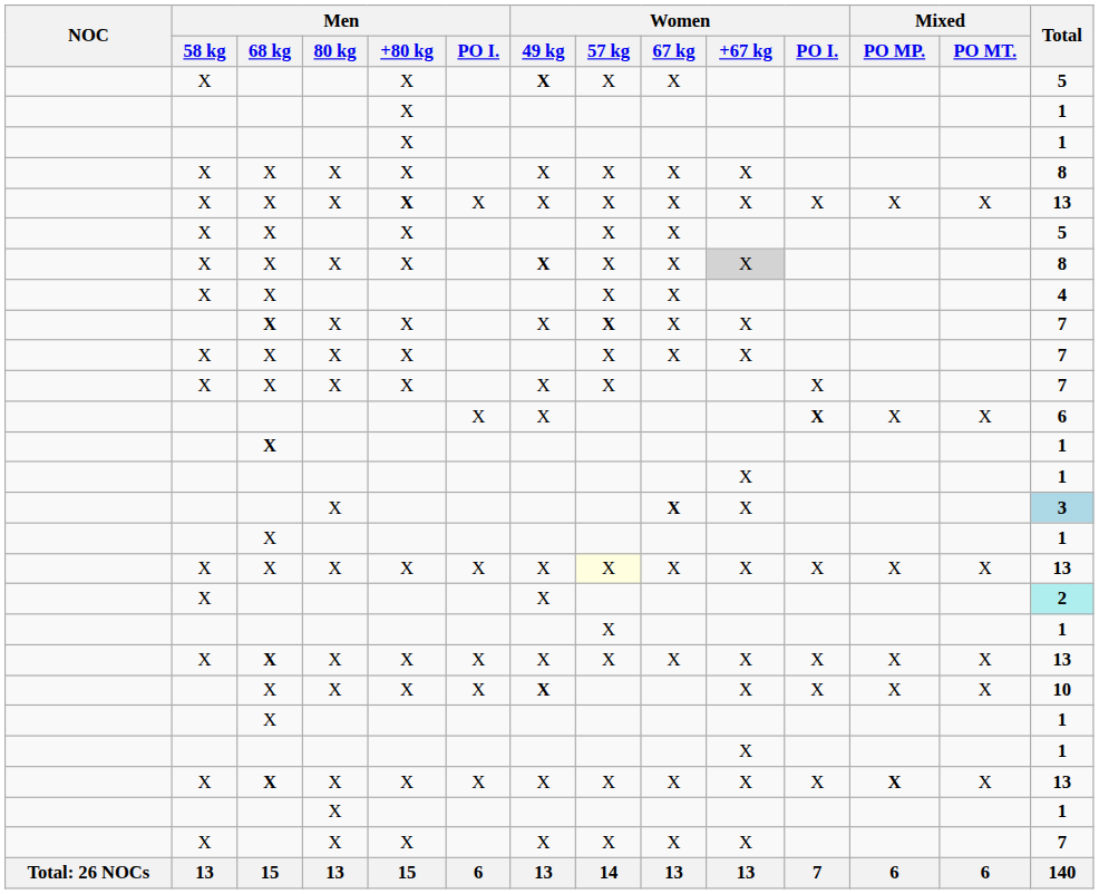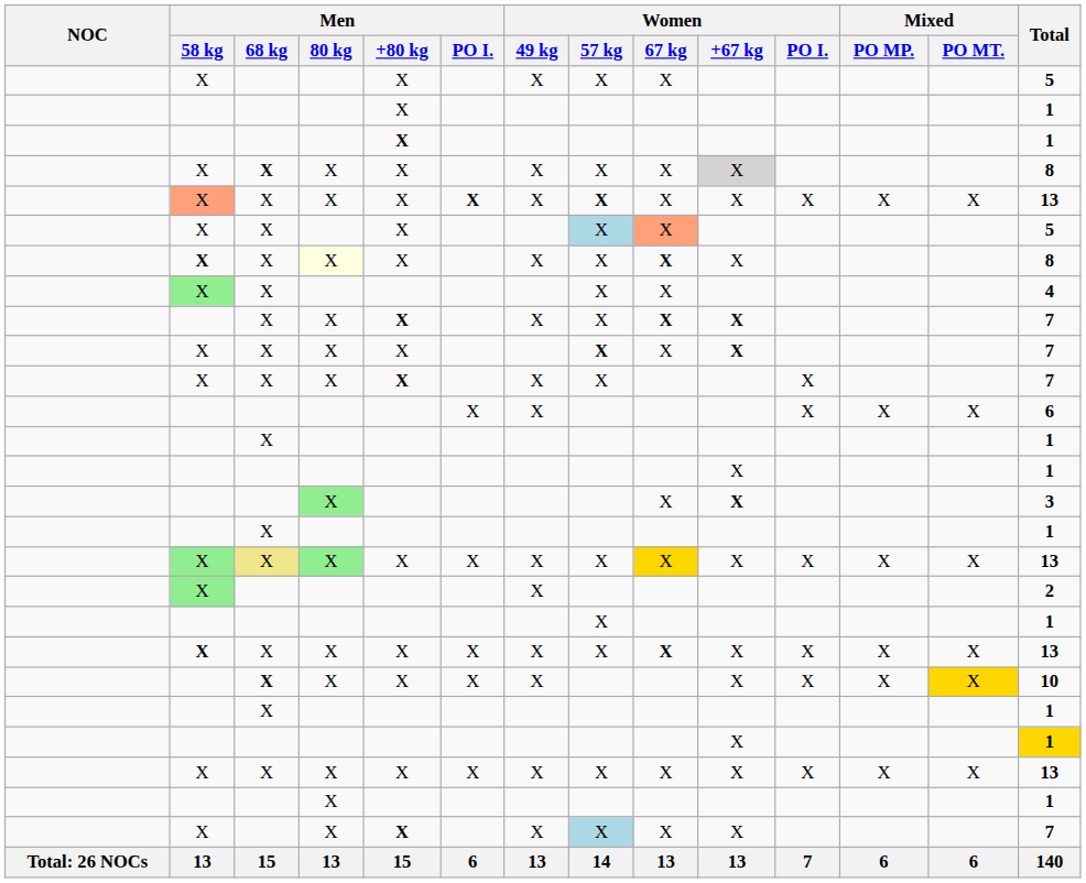 <table class="wikitable" width=850 style="text-align:center; font-size:90%">
 <tr>
 <th rowspan="2" align="left">NOC</th>
 <th colspan="5">Men</th>
 <th colspan="5">Women</th>
 <th colspan="2">Mixed</th>
 <th rowspan="2">Total</th>
 </tr>
 <tr>
 <th><a href='#'>58 kg</a></th>
 <th><a href='#'>68 kg</a></th>
 <th><a href='#'>80 kg</a></th>
 <th><a href='#'>+80 kg</a></th>
 <th><a href='#'>PO I.</a></th>
 <th><a href='#'>49 kg</a></th>
 <th><a href='#'>57 kg</a></th>
 <th><a href='#'>67 kg</a></th>
 <th><a href='#'>+67 kg</a></th>
 <th><a href='#'>PO I.</a></th>
 <th><a href='#'>PO MP.</a></th>
 <th><a href='#'>PO MT.</a></th>
 </tr>
 <tr>
 <td align="left"></td>
 <td>X</td>
 <td></td>
 <td></td>
 <td>X</td>
 <td></td>
-<td><strong>X</strong></td>
+<td>X</td>
 <td>X</td>
 <td>X</td>
 <td></td>
 <td></td>
 <td></td>
 <td></td>
 <td><strong>5</strong></td>
 </tr>
 <tr>
 <td align="left"></td>
 <td></td>
 <td></td>
 <td></td>
 <td>X</td>
 <td></td>
 <td></td>
 <td></td>
 <td></td>
 <td></td>
 <td></td>
 <td></td>
 <td></td>
 <td><strong>1</strong></td>
 </tr>
 <tr>
 <td align="left"></td>
 <td></td>
 <td></td>
 <td></td>
-<td>X</td>
+<td><strong>X</strong></td>
 <td></td>
 <td></td>
 <td></td>
 <td></td>
 <td></td>
 <td></td>
 <td></td>
 <td></td>
 <td><strong>1</strong></td>
 </tr>
 <tr>
 <td align="left"></td>
 <td>X</td>
-<td>X</td>
+<td><strong>X</strong></td>
 <td>X</td>
 <td>X</td>
 <td></td>
 <td>X</td>
 <td>X</td>
 <td>X</td>
-<td>X</td>
+<td style="background: lightgrey;">X</td>
 <td></td>
 <td></td>
 <td></td>
 <td><strong>8</strong></td>
 </tr>
 <tr>
 <td align="left"></td>
+<td style="background: lightsalmon;">X</td>
 <td>X</td>
 <td>X</td>
 <td>X</td>
 <td><strong>X</strong></td>
 <td>X</td>
-<td>X</td>
-<td>X</td>
+<td><strong>X</strong></td>
 <td>X</td>
 <td>X</td>
 <td>X</td>
 <td>X</td>
 <td>X</td>
 <td><strong>13</strong></td>
 </tr>
 <tr>
 <td align="left"></td>
 <td>X</td>
 <td>X</td>
 <td></td>
 <td>X</td>
 <td></td>
 <td></td>
-<td>X</td>
-<td>X</td>
+<td style="background: lightblue;">X</td>
+<td style="background: lightsalmon;">X</td>
 <td></td>
 <td></td>
 <td></td>
 <td></td>
 <td><strong>5</strong></td>
 </tr>
 <tr>
 <td align="left"></td>
+<td><strong>X</strong></td>
+<td>X</td>
+<td style="background: lightyellow;">X</td>
+<td>X</td>
+<td></td>
 <td>X</td>
 <td>X</td>
-<td>X</td>
-<td>X</td>
-<td></td>
 <td><strong>X</strong></td>
 <td>X</td>
-<td>X</td>
-<td style="background: lightgrey;">X</td>
 <td></td>
 <td></td>
 <td></td>
 <td><strong>8</strong></td>
 </tr>
 <tr>
 <td align="left"></td>
-<td>X</td>
+<td style="background: lightgreen;">X</td>
 <td>X</td>
 <td></td>
 <td></td>
 <td></td>
 <td></td>
 <td>X</td>
 <td>X</td>
 <td></td>
 <td></td>
 <td></td>
 <td></td>
 <td><strong>4</strong></td>
 </tr>
 <tr>
 <td align="left"></td>
 <td></td>
-<td><strong>X</strong></td>
 <td>X</td>
 <td>X</td>
+<td><strong>X</strong></td>
 <td></td>
 <td>X</td>
+<td>X</td>
 <td><strong>X</strong></td>
-<td>X</td>
-<td>X</td>
+<td><strong>X</strong></td>
 <td></td>
 <td></td>
 <td></td>
 <td><strong>7</strong></td>
 </tr>
 <tr>
 <td align="left"></td>
 <td>X</td>
 <td>X</td>
 <td>X</td>
 <td>X</td>
 <td></td>
 <td></td>
+<td><strong>X</strong></td>
 <td>X</td>
-<td>X</td>
-<td>X</td>
+<td><strong>X</strong></td>
 <td></td>
 <td></td>
 <td></td>
 <td><strong>7</strong></td>
 </tr>
 <tr>
 <td align="left"></td>
 <td>X</td>
 <td>X</td>
 <td>X</td>
-<td>X</td>
+<td><strong>X</strong></td>
 <td></td>
 <td>X</td>
 <td>X</td>
 <td></td>
 <td></td>
 <td>X</td>
 <td></td>
 <td></td>
 <td><strong>7</strong></td>
 </tr>
 <tr>
 <td align="left"></td>
 <td></td>
 <td></td>
 <td></td>
 <td></td>
 <td>X</td>
 <td>X</td>
 <td></td>
 <td></td>
 <td></td>
-<td><strong>X</strong></td>
+<td>X</td>
 <td>X</td>
 <td>X</td>
 <td><strong>6</strong></td>
-</tr>
-<tr>
-<td align="left"></td>
-<td></td>
-<td><strong>X</strong></td>
-<td></td>
-<td></td>
-<td></td>
-<td></td>
-<td></td>
-<td></td>
-<td></td>
-<td></td>
-<td></td>
-<td></td>
-<td><strong>1</strong></td>
-</tr>
-<tr>
-<td align="left"></td>
-<td></td>
-<td></td>
-<td></td>
-<td></td>
-<td></td>
-<td></td>
-<td></td>
-<td></td>
-<td>X</td>
-<td></td>
-<td></td>
-<td></td>
-<td><strong>1</strong></td>
-</tr>
-<tr>
-<td align="left"></td>
-<td></td>
-<td></td>
-<td>X</td>
-<td></td>
-<td></td>
-<td></td>
-<td></td>
-<td><strong>X</strong></td>
-<td>X</td>
-<td></td>
-<td></td>
-<td></td>
-<td style="background: lightblue;"><strong>3</strong></td>
-</tr>
-<tr>
-<td align="left"></td>
-<td></td>
-<td>X</td>
-<td></td>
-<td></td>
-<td></td>
-<td></td>
-<td></td>
-<td></td>
-<td></td>
-<td></td>
-<td></td>
-<td></td>
-<td><strong>1</strong></td>
-</tr>
-<tr>
-<td align="left"></td>
-<td>X</td>
-<td>X</td>
-<td>X</td>
-<td>X</td>
-<td>X</td>
-<td>X</td>
-<td style="background: lightyellow;">X</td>
-<td>X</td>
-<td>X</td>
-<td>X</td>
-<td>X</td>
-<td>X</td>
-<td><strong>13</strong></td>
-</tr>
-<tr>
-<td align="left"></td>
-<td>X</td>
-<td></td>
-<td></td>
-<td></td>
-<td></td>
-<td>X</td>
-<td></td>
-<td></td>
-<td></td>
-<td></td>
-<td></td>
-<td></td>
-<td style="background: paleturquoise;"><strong>2</strong></td>
-</tr>
-<tr>
-<td align="left"></td>
-<td></td>
-<td></td>
-<td></td>
-<td></td>
-<td></td>
-<td></td>
-<td>X</td>
-<td></td>
-<td></td>
-<td></td>
-<td></td>
-<td></td>
-<td><strong>1</strong></td>
-</tr>
-<tr>
-<td align="left"></td>
-<td>X</td>
-<td><strong>X</strong></td>
-<td>X</td>
-<td>X</td>
-<td>X</td>
-<td>X</td>
-<td>X</td>
-<td>X</td>
-<td>X</td>
-<td>X</td>
-<td>X</td>
-<td>X</td>
-<td><strong>13</strong></td>
-</tr>
-<tr>
-<td align="left"></td>
-<td></td>
-<td>X</td>
-<td>X</td>
-<td>X</td>
-<td>X</td>
-<td><strong>X</strong></td>
-<td></td>
-<td></td>
-<td>X</td>
-<td>X</td>
-<td>X</td>
-<td>X</td>
-<td><strong>10</strong></td>
 </tr>
 <tr>
 <td align="left"></td>
 <td></td>
 <td>X</td>
 <td></td>
 <td></td>
 <td></td>
 <td></td>
 <td></td>
 <td></td>
 <td></td>
 <td></td>
 <td></td>
 <td></td>
 <td><strong>1</strong></td>
 </tr>
 <tr>
 <td align="left"></td>
 <td></td>
 <td></td>
 <td></td>
 <td></td>
 <td></td>
 <td></td>
 <td></td>
 <td></td>
 <td>X</td>
 <td></td>
 <td></td>
 <td></td>
 <td><strong>1</strong></td>
 </tr>
 <tr>
 <td align="left"></td>
+<td></td>
+<td></td>
+<td style="background: lightgreen;">X</td>
+<td></td>
+<td></td>
+<td></td>
+<td></td>
 <td>X</td>
 <td><strong>X</strong></td>
+<td></td>
+<td></td>
+<td></td>
+<td><strong>3</strong></td>
+</tr>
+<tr>
+<td align="left"></td>
+<td></td>
+<td>X</td>
+<td></td>
+<td></td>
+<td></td>
+<td></td>
+<td></td>
+<td></td>
+<td></td>
+<td></td>
+<td></td>
+<td></td>
+<td><strong>1</strong></td>
+</tr>
+<tr>
+<td align="left"></td>
+<td style="background: lightgreen;">X</td>
+<td style="background: khaki;">X</td>
+<td style="background: lightgreen;">X</td>
+<td>X</td>
+<td>X</td>
+<td>X</td>
+<td>X</td>
+<td style="background: gold;">X</td>
+<td>X</td>
+<td>X</td>
+<td>X</td>
+<td>X</td>
+<td><strong>13</strong></td>
+</tr>
+<tr>
+<td align="left"></td>
+<td style="background: lightgreen;">X</td>
+<td></td>
+<td></td>
+<td></td>
+<td></td>
+<td>X</td>
+<td></td>
+<td></td>
+<td></td>
+<td></td>
+<td></td>
+<td></td>
+<td><strong>2</strong></td>
+</tr>
+<tr>
+<td align="left"></td>
+<td></td>
+<td></td>
+<td></td>
+<td></td>
+<td></td>
+<td></td>
+<td>X</td>
+<td></td>
+<td></td>
+<td></td>
+<td></td>
+<td></td>
+<td><strong>1</strong></td>
+</tr>
+<tr>
+<td align="left"></td>
+<td><strong>X</strong></td>
+<td>X</td>
+<td>X</td>
+<td>X</td>
+<td>X</td>
+<td>X</td>
+<td>X</td>
+<td><strong>X</strong></td>
+<td>X</td>
+<td>X</td>
+<td>X</td>
+<td>X</td>
+<td><strong>13</strong></td>
+</tr>
+<tr>
+<td align="left"></td>
+<td></td>
+<td><strong>X</strong></td>
+<td>X</td>
+<td>X</td>
+<td>X</td>
+<td>X</td>
+<td></td>
+<td></td>
+<td>X</td>
+<td>X</td>
+<td>X</td>
+<td style="background: gold;">X</td>
+<td><strong>10</strong></td>
+</tr>
+<tr>
+<td align="left"></td>
+<td></td>
+<td>X</td>
+<td></td>
+<td></td>
+<td></td>
+<td></td>
+<td></td>
+<td></td>
+<td></td>
+<td></td>
+<td></td>
+<td></td>
+<td><strong>1</strong></td>
+</tr>
+<tr>
+<td align="left"></td>
+<td></td>
+<td></td>
+<td></td>
+<td></td>
+<td></td>
+<td></td>
+<td></td>
+<td></td>
+<td>X</td>
+<td></td>
+<td></td>
+<td></td>
+<td style="background: gold;"><strong>1</strong></td>
+</tr>
+<tr>
+<td align="left"></td>
 <td>X</td>
 <td>X</td>
 <td>X</td>
 <td>X</td>
 <td>X</td>
 <td>X</td>
 <td>X</td>
 <td>X</td>
-<td><strong>X</strong></td>
+<td>X</td>
+<td>X</td>
+<td>X</td>
 <td>X</td>
 <td><strong>13</strong></td>
 </tr>
 <tr>
 <td align="left"></td>
 <td></td>
 <td></td>
 <td>X</td>
 <td></td>
 <td></td>
 <td></td>
 <td></td>
 <td></td>
 <td></td>
 <td></td>
 <td></td>
 <td></td>
 <td><strong>1</strong></td>
 </tr>
 <tr>
 <td align="left"></td>
 <td>X</td>
 <td></td>
 <td>X</td>
-<td>X</td>
+<td><strong>X</strong></td>
 <td></td>
 <td>X</td>
-<td>X</td>
+<td style="background: lightblue;">X</td>
 <td>X</td>
 <td>X</td>
 <td></td>
 <td></td>
 <td></td>
 <td><strong>7</strong></td>
 </tr>
 <tr>
 <th>Total: 26 NOCs</th>
 <th>13</th>
 <th>15</th>
 <th>13</th>
 <th>15</th>
 <th>6</th>
 <th>13</th>
 <th>14</th>
 <th>13</th>
 <th>13</th>
 <th>7</th>
 <th>6</th>
 <th>6</th>
 <th>140</th>
 </tr>
 </table>
